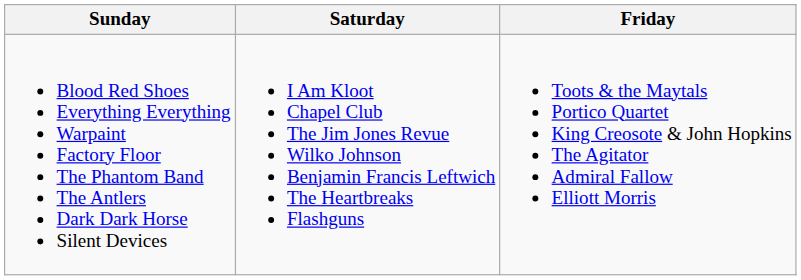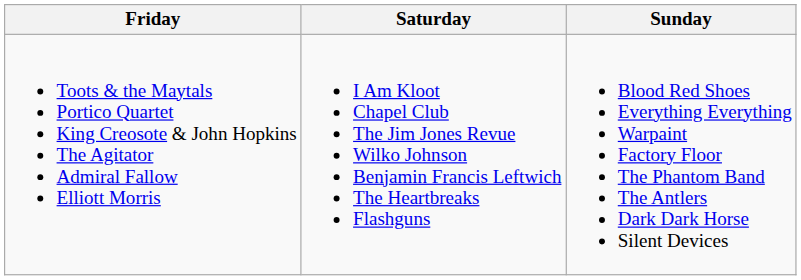 <table class="wikitable">
 <tr>
+<th>Friday</th>
+<th>Saturday</th>
 <th>Sunday</th>
-<th>Saturday</th>
-<th>Friday</th>
 </tr>
 <tr>
+<td valign=top><br><ul><li><a href='#'>Toots & the Maytals</a></li><li><a href='#'>Portico Quartet</a></li><li><a href='#'>King Creosote</a> & John Hopkins</li><li><a href='#'>The Agitator</a></li><li><a href='#'>Admiral Fallow</a></li><li><a href='#'>Elliott Morris</a></li></ul></td>
+<td valign=top><br><ul><li><a href='#'>I Am Kloot</a></li><li><a href='#'>Chapel Club</a></li><li><a href='#'>The Jim Jones Revue</a></li><li><a href='#'>Wilko Johnson</a></li><li><a href='#'>Benjamin Francis Leftwich</a></li><li><a href='#'>The Heartbreaks</a></li><li><a href='#'>Flashguns</a></li></ul></td>
 <td valign=top><br><ul><li><a href='#'>Blood Red Shoes</a></li><li><a href='#'>Everything Everything</a></li><li><a href='#'>Warpaint</a></li><li><a href='#'>Factory Floor</a></li><li><a href='#'>The Phantom Band</a></li><li><a href='#'>The Antlers</a></li><li><a href='#'>Dark Dark Horse</a></li><li>Silent Devices</li></ul></td>
-<td valign=top><br><ul><li><a href='#'>I Am Kloot</a></li><li><a href='#'>Chapel Club</a></li><li><a href='#'>The Jim Jones Revue</a></li><li><a href='#'>Wilko Johnson</a></li><li><a href='#'>Benjamin Francis Leftwich</a></li><li><a href='#'>The Heartbreaks</a></li><li><a href='#'>Flashguns</a></li></ul></td>
-<td valign=top><br><ul><li><a href='#'>Toots & the Maytals</a></li><li><a href='#'>Portico Quartet</a></li><li><a href='#'>King Creosote</a> & John Hopkins</li><li><a href='#'>The Agitator</a></li><li><a href='#'>Admiral Fallow</a></li><li><a href='#'>Elliott Morris</a></li></ul></td>
 </tr>
 </table>
